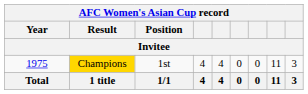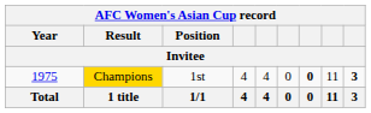 <table class="wikitable" style="text-align: center;">
 <tr>
 <th colspan=9><a href='#'>AFC Women's Asian Cup</a> record</th>
 </tr>
 <tr>
 <th style="width:90px;">Year</th>
 <th style="width:90px;">Result</th>
 <th style="width:80px;">Position</th>
 <th style="width:20px;"></th>
 <th style="width:20px;"></th>
 <th style="width:20px;"></th>
 <th style="width:20px;"></th>
 <th style="width:20px;"></th>
 <th style="width:20px;"></th>
 </tr>
 <tr>
 <th colspan=9>Invitee</th>
 </tr>
 <tr>
 <td> <a href='#'>1975</a></td>
 <td bgcolor=gold>Champions</td>
 <td>1st</td>
 <td>4</td>
 <td>4</td>
 <td>0</td>
-<td>0</td>
+<td><strong>0</strong></td>
 <td>11</td>
-<td>3</td>
+<td><strong>3</strong></td>
 </tr>
 <tr>
 <th>Total</th>
 <th>1 title</th>
 <th>1/1</th>
 <th>4</th>
 <th>4</th>
 <th>0</th>
 <th>0</th>
 <th>11</th>
 <th>3</th>
 </tr>
 </table>
